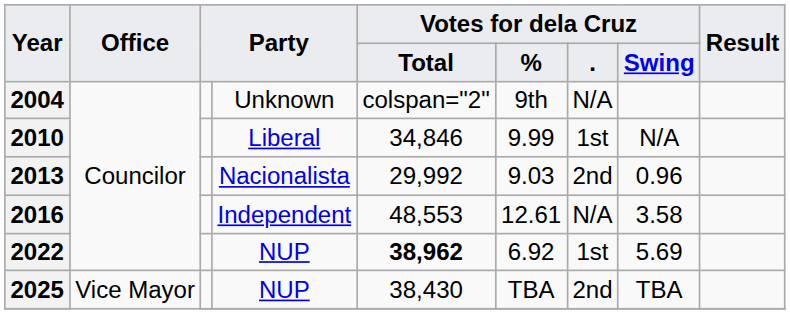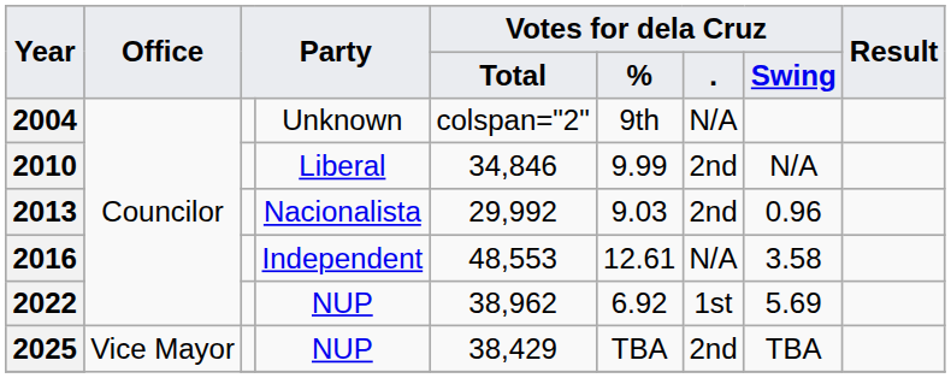 <table class="wikitable" style="font-size:90%; text-align:center;">
 <tr>
 <th rowspan="2" style="background:#eaecf0;">Year</th>
 <th rowspan="2" style="background:#eaecf0;">Office</th>
 <th colspan="2" rowspan="2" style="background:#eaecf0;">Party</th>
 <th colspan="4" style="background:#eaecf0;">Votes for dela Cruz</th>
 <th rowspan="2" style="background:#eaecf0;">Result</th>
 </tr>
 <tr>
 <th style="background:#eaecf0;">Total</th>
 <th style="background:#eaecf0;">%</th>
 <th style="background:#eaecf0;">.</th>
 <th style="background:#eaecf0;"><a href='#'>Swing</a></th>
 </tr>
 <tr>
 <th>2004</th>
 <td rowspan="5">Councilor</td>
 <td style="background:"></td>
 <td>Unknown</td>
 <td>colspan="2" </td>
 <td>9th</td>
 <td>N/A</td>
 <td></td>
 </tr>
 <tr>
 <th>2010</th>
 <td style="background:"></td>
 <td><a href='#'>Liberal</a></td>
 <td>34,846</td>
 <td>9.99</td>
-<td>1st</td>
+<td>2nd</td>
 <td>N/A</td>
 <td></td>
 </tr>
 <tr>
 <th>2013</th>
 <td style="background:"></td>
 <td><a href='#'>Nacionalista</a></td>
 <td>29,992</td>
 <td>9.03</td>
 <td>2nd</td>
 <td> 0.96</td>
 <td></td>
 </tr>
 <tr>
 <th>2016</th>
 <td style="background:"></td>
 <td><a href='#'>Independent</a></td>
 <td>48,553</td>
 <td>12.61</td>
 <td>N/A</td>
 <td> 3.58</td>
 <td></td>
 </tr>
 <tr>
 <th>2022</th>
 <td style="background:"></td>
 <td><a href='#'>NUP</a></td>
-<td><strong>38,962</strong></td>
+<td>38,962</td>
 <td>6.92</td>
 <td>1st</td>
 <td> 5.69</td>
 <td></td>
 </tr>
 <tr>
 <th>2025</th>
 <td rowspan="5">Vice Mayor</td>
 <td style="background:"></td>
 <td><a href='#'>NUP</a></td>
-<td>38,430</td>
+<td>38,429</td>
 <td>TBA</td>
 <td>2nd</td>
 <td> TBA</td>
 <td></td>
 </tr>
 <tr>
 </tr>
 </table>
